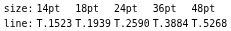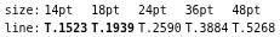 <table style="margin-left:40px;">
 <tr>
 <td>size:</td>
 <td>14pt</td>
 <td>18pt</td>
 <td>24pt</td>
 <td>36pt</td>
 <td>48pt</td>
 </tr>
 <tr>
 <td>line:</td>
-<td>T.1523</td>
-<td>T.1939</td>
+<td><strong>T.1523</strong></td>
+<td><strong>T.1939</strong></td>
 <td>T.2590</td>
 <td>T.3884</td>
 <td>T.5268</td>
 </tr>
 </table>
